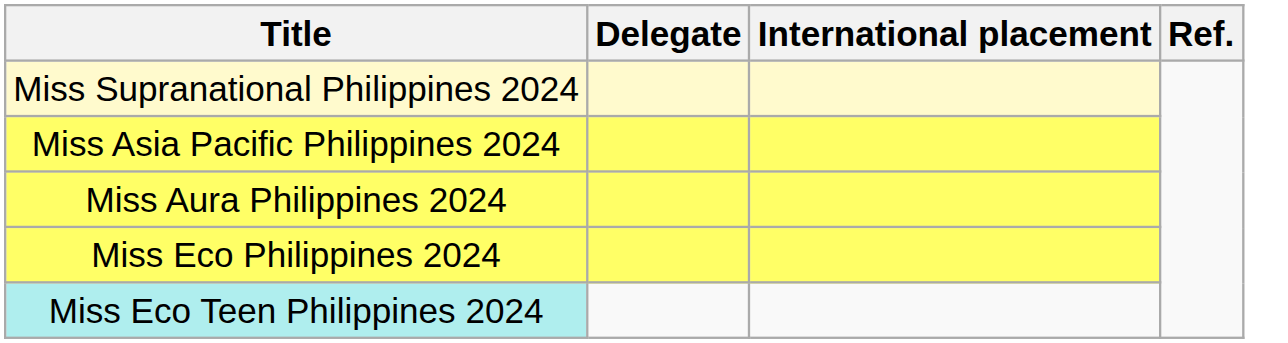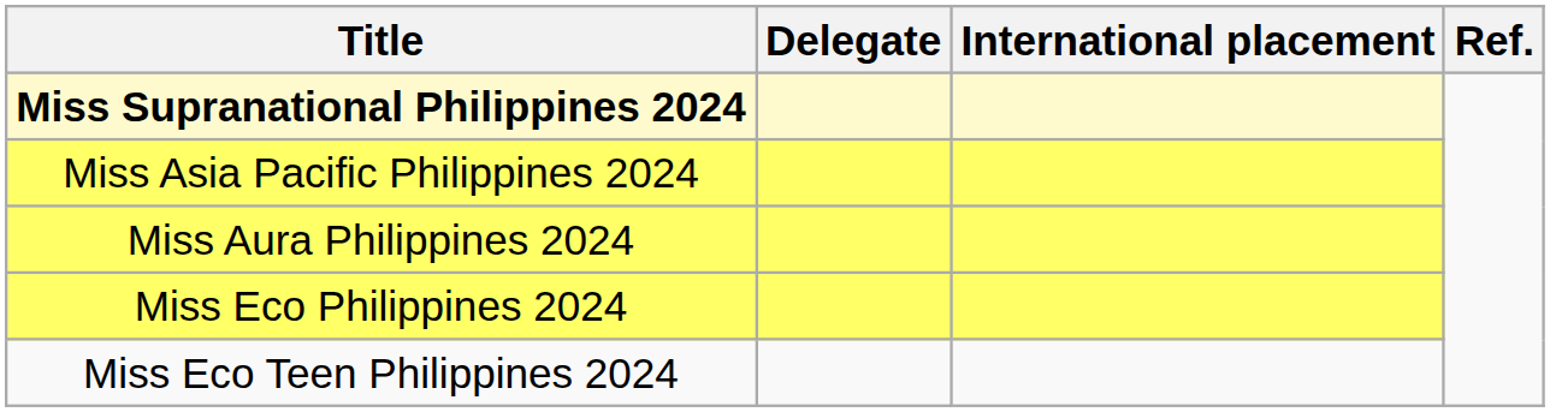 <table class="wikitable " style="font-size: 95%; text-align:center;">
 <tr>
 <th>Title</th>
 <th>Delegate</th>
 <th>International placement</th>
 <th>Ref.</th>
 </tr>
 <tr>
-<td style="background:#FFFACD;">Miss Supranational Philippines 2024</td>
+<td style="background:#FFFACD;"><strong>Miss Supranational Philippines 2024</strong></td>
 <td style="background:#FFFACD;"></td>
 <td style="background:#FFFACD;"></td>
 <td rowspan="5"></td>
 </tr>
 <tr style="background:#FFFF66;">
 <td>Miss Asia Pacific Philippines 2024</td>
 <td></td>
 <td></td>
 </tr>
 <tr style="background:#FFFF66;">
 <td>Miss Aura Philippines 2024</td>
 <td></td>
 <td></td>
 </tr>
 <tr style="background:#FFFF66;">
 <td>Miss Eco Philippines 2024</td>
 <td></td>
 <td></td>
 </tr>
 <tr>
-<td style="background: paleturquoise;">Miss Eco Teen Philippines 2024</td>
+<td>Miss Eco Teen Philippines 2024</td>
 <td></td>
 <td></td>
 </tr>
 </table>
